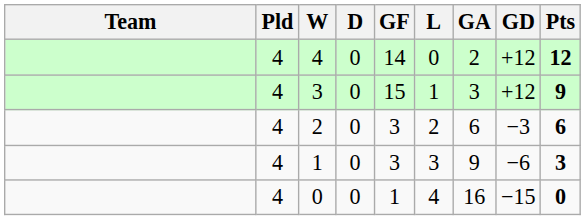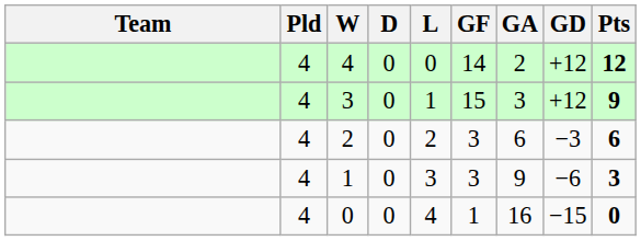 <table class="wikitable" style="text-align: center;">
 <tr>
 <th width=175>Team</th>
 <th width=20>Pld</th>
 <th width=20>W</th>
 <th width=20>D</th>
+<th width=20>L</th>
 <th width=20>GF</th>
-<th width=20>L</th>
 <th width=20>GA</th>
 <th width=20>GD</th>
 <th width=20>Pts</th>
 </tr>
 <tr bgcolor=#ccffcc>
 <td style="text-align:left;"></td>
 <td>4</td>
 <td>4</td>
 <td>0</td>
+<td>0</td>
 <td>14</td>
-<td>0</td>
 <td>2</td>
 <td>+12</td>
 <td><strong>12</strong></td>
 </tr>
 <tr bgcolor=#ccffcc>
 <td style="text-align:left;"></td>
 <td>4</td>
 <td>3</td>
 <td>0</td>
+<td>1</td>
 <td>15</td>
-<td>1</td>
 <td>3</td>
 <td>+12</td>
 <td><strong>9</strong></td>
 </tr>
 <tr>
 <td style="text-align:left;"></td>
 <td>4</td>
 <td>2</td>
 <td>0</td>
+<td>2</td>
 <td>3</td>
-<td>2</td>
 <td>6</td>
 <td>−3</td>
 <td><strong>6</strong></td>
 </tr>
 <tr>
 <td style="text-align:left;"></td>
 <td>4</td>
 <td>1</td>
 <td>0</td>
 <td>3</td>
 <td>3</td>
 <td>9</td>
 <td>−6</td>
 <td><strong>3</strong></td>
 </tr>
 <tr>
 <td style="text-align:left;"></td>
 <td>4</td>
 <td>0</td>
 <td>0</td>
+<td>4</td>
 <td>1</td>
-<td>4</td>
 <td>16</td>
 <td>−15</td>
 <td><strong>0</strong></td>
 </tr>
 </table>
